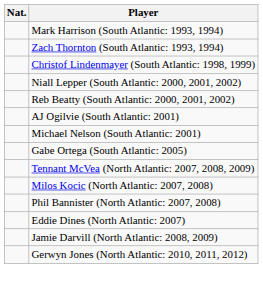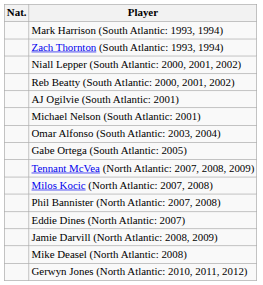 <table class= "wikitable">
 <tr>
 <th width=px>Nat.</th>
 <th width=px>Player</th>
 </tr>
 <tr>
 <td></td>
 <td>Mark Harrison (South Atlantic: 1993, 1994)</td>
 </tr>
 <tr>
 <td></td>
 <td><a href='#'>Zach Thornton</a> (South Atlantic: 1993, 1994)</td>
-</tr>
-<tr>
-<td></td>
-<td><a href='#'>Christof Lindenmayer</a> (South Atlantic: 1998, 1999)</td>
 </tr>
 <tr>
 <td></td>
 <td>Niall Lepper (South Atlantic: 2000, 2001, 2002)</td>
 </tr>
 <tr>
 <td></td>
 <td>Reb Beatty (South Atlantic: 2000, 2001, 2002)</td>
 </tr>
 <tr>
 <td></td>
 <td>AJ Ogilvie (South Atlantic: 2001)</td>
 </tr>
 <tr>
 <td></td>
 <td>Michael Nelson (South Atlantic: 2001)</td>
+</tr>
+<tr>
+<td></td>
+<td>Omar Alfonso (South Atlantic: 2003, 2004)</td>
 </tr>
 <tr>
 <td></td>
 <td>Gabe Ortega (South Atlantic: 2005)</td>
 </tr>
 <tr>
 <td></td>
 <td><a href='#'>Tennant McVea</a> (North Atlantic: 2007, 2008, 2009)</td>
 </tr>
 <tr>
 <td></td>
 <td><a href='#'>Milos Kocic</a> (North Atlantic: 2007, 2008)</td>
 </tr>
 <tr>
 <td></td>
 <td>Phil Bannister (North Atlantic: 2007, 2008)</td>
 </tr>
 <tr>
 <td></td>
 <td>Eddie Dines (North Atlantic: 2007)</td>
 </tr>
 <tr>
 <td></td>
 <td>Jamie Darvill (North Atlantic: 2008, 2009)</td>
 </tr>
 <tr>
 <td></td>
+<td>Mike Deasel (North Atlantic: 2008)</td>
+</tr>
+<tr>
+<td></td>
 <td>Gerwyn Jones (North Atlantic: 2010, 2011, 2012)</td>
 </tr>
 </table>
